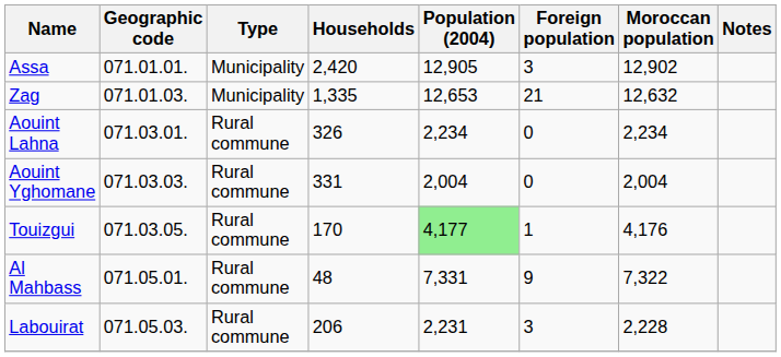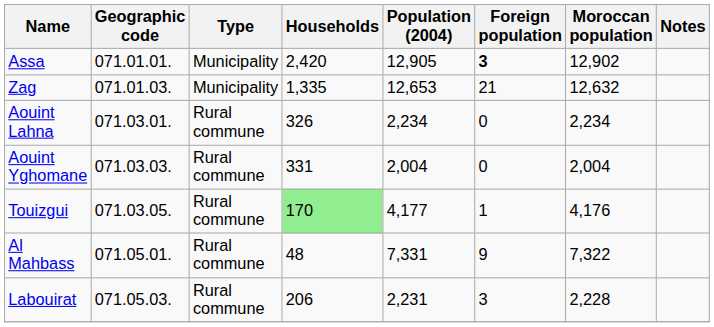 <table class="wikitable sortable">
 <tr>
 <th>Name</th>
 <th>Geographic code</th>
 <th>Type</th>
 <th>Households</th>
 <th>Population (2004)</th>
 <th>Foreign population</th>
 <th>Moroccan population</th>
 <th>Notes</th>
 </tr>
 <tr>
 <td><a href='#'>Assa</a></td>
 <td>071.01.01.</td>
 <td>Municipality</td>
 <td>2,420</td>
 <td>12,905</td>
-<td>3</td>
+<td><strong>3</strong></td>
 <td>12,902</td>
 <td></td>
 </tr>
 <tr>
 <td><a href='#'>Zag</a></td>
 <td>071.01.03.</td>
 <td>Municipality</td>
 <td>1,335</td>
 <td>12,653</td>
 <td>21</td>
 <td>12,632</td>
 <td></td>
 </tr>
 <tr>
 <td><a href='#'>Aouint Lahna</a></td>
 <td>071.03.01.</td>
 <td>Rural commune</td>
 <td>326</td>
 <td>2,234</td>
 <td>0</td>
 <td>2,234</td>
 <td></td>
 </tr>
 <tr>
 <td><a href='#'>Aouint Yghomane</a></td>
 <td>071.03.03.</td>
 <td>Rural commune</td>
 <td>331</td>
 <td>2,004</td>
 <td>0</td>
 <td>2,004</td>
 <td></td>
 </tr>
 <tr>
 <td><a href='#'>Touizgui</a></td>
 <td>071.03.05.</td>
 <td>Rural commune</td>
-<td>170</td>
-<td style="background: lightgreen;">4,177</td>
+<td style="background: lightgreen;">170</td>
+<td>4,177</td>
 <td>1</td>
 <td>4,176</td>
 <td></td>
 </tr>
 <tr>
 <td><a href='#'>Al Mahbass</a></td>
 <td>071.05.01.</td>
 <td>Rural commune</td>
 <td>48</td>
 <td>7,331</td>
 <td>9</td>
 <td>7,322</td>
 <td></td>
 </tr>
 <tr>
 <td><a href='#'>Labouirat</a></td>
 <td>071.05.03.</td>
 <td>Rural commune</td>
 <td>206</td>
 <td>2,231</td>
 <td>3</td>
 <td>2,228</td>
 <td></td>
 </tr>
 <tr>
 </tr>
 </table>
